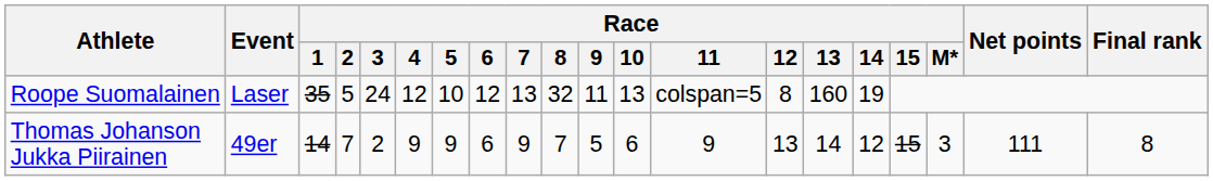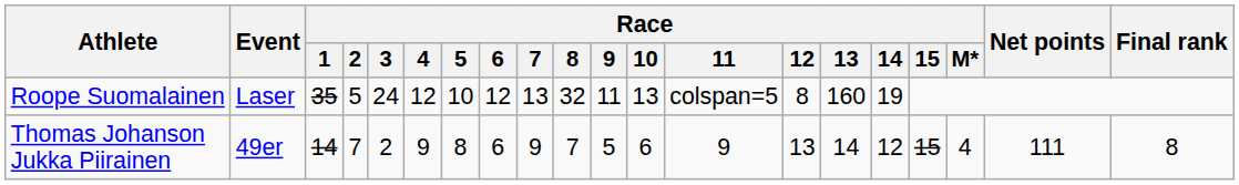 <table class="wikitable" style="font-size:90%">
 <tr>
 <th rowspan=2>Athlete</th>
 <th rowspan=2>Event</th>
 <th colspan=16>Race</th>
 <th rowspan=2>Net points</th>
 <th rowspan=2>Final rank</th>
 </tr>
 <tr style="font-size:95%">
 <th>1</th>
 <th>2</th>
 <th>3</th>
 <th>4</th>
 <th>5</th>
 <th>6</th>
 <th>7</th>
 <th>8</th>
 <th>9</th>
 <th>10</th>
 <th>11</th>
 <th>12</th>
 <th>13</th>
 <th>14</th>
 <th>15</th>
 <th>M*</th>
 </tr>
 <tr align=center>
 <td align=left><a href='#'>Roope Suomalainen</a></td>
 <td align=left><a href='#'>Laser</a></td>
 <td><s>35</s></td>
 <td>5</td>
 <td>24</td>
 <td>12</td>
 <td>10</td>
 <td>12</td>
 <td>13</td>
 <td>32</td>
 <td>11</td>
 <td>13</td>
 <td>colspan=5 </td>
 <td>8</td>
 <td>160</td>
 <td>19</td>
 </tr>
 <tr align=center>
 <td align=left><a href='#'>Thomas Johanson</a><br><a href='#'>Jukka Piirainen</a></td>
 <td align=left><a href='#'>49er</a></td>
 <td><s>14</s></td>
 <td>7</td>
 <td>2</td>
 <td>9</td>
-<td>9</td>
+<td>8</td>
 <td>6</td>
 <td>9</td>
 <td>7</td>
 <td>5</td>
 <td>6</td>
 <td>9</td>
 <td>13</td>
 <td>14</td>
 <td>12</td>
 <td><s>15</s></td>
-<td>3</td>
+<td>4</td>
 <td>111</td>
 <td>8</td>
 </tr>
 </table>
